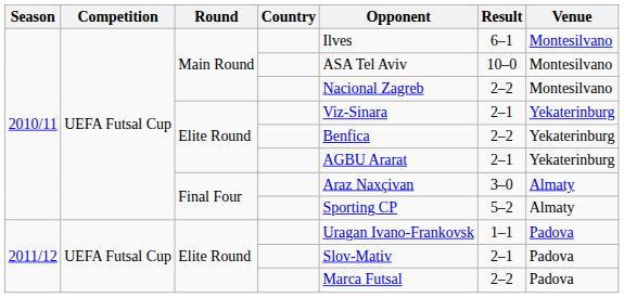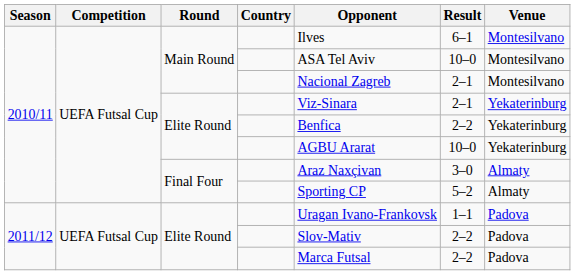 <table class="wikitable">
 <tr>
 <th>Season</th>
 <th>Competition</th>
 <th>Round</th>
 <th>Country</th>
 <th>Opponent</th>
 <th>Result</th>
 <th>Venue</th>
 </tr>
 <tr>
 <td rowspan=8><a href='#'>2010/11</a></td>
 <td rowspan=8 align=center>UEFA Futsal Cup</td>
 <td rowspan=3>Main Round</td>
 <td align=center></td>
 <td>Ilves</td>
 <td align=center>6–1</td>
 <td><a href='#'>Montesilvano</a></td>
 </tr>
 <tr>
 <td align=center></td>
 <td>ASA Tel Aviv</td>
 <td align=center>10–0</td>
 <td>Montesilvano</td>
 </tr>
 <tr>
 <td align=center></td>
 <td><a href='#'>Nacional Zagreb</a></td>
-<td align=center>2–2</td>
+<td align=center>2–1</td>
 <td>Montesilvano</td>
 </tr>
 <tr>
 <td rowspan=3>Elite Round</td>
 <td align=center></td>
 <td><a href='#'>Viz-Sinara</a></td>
 <td align=center>2–1</td>
 <td><a href='#'>Yekaterinburg</a></td>
 </tr>
 <tr>
 <td align=center></td>
 <td><a href='#'>Benfica</a></td>
 <td align=center>2–2</td>
 <td>Yekaterinburg</td>
 </tr>
 <tr>
 <td align=center></td>
 <td><a href='#'>AGBU Ararat</a></td>
-<td align=center>2–1</td>
+<td align=center>10–0</td>
 <td>Yekaterinburg</td>
 </tr>
 <tr>
 <td rowspan=2>Final Four</td>
 <td align=center></td>
 <td><a href='#'>Araz Naxçivan</a></td>
 <td align=center>3–0</td>
 <td><a href='#'>Almaty</a></td>
 </tr>
 <tr>
 <td align=center></td>
 <td><a href='#'>Sporting CP</a></td>
 <td align=center>5–2</td>
 <td>Almaty</td>
 </tr>
 <tr>
 <td rowspan=3><a href='#'>2011/12</a></td>
 <td rowspan=3 align=center>UEFA Futsal Cup</td>
 <td rowspan=3>Elite Round</td>
 <td align=center></td>
 <td><a href='#'>Uragan Ivano-Frankovsk</a></td>
 <td align=center>1–1</td>
 <td><a href='#'>Padova</a></td>
 </tr>
 <tr>
 <td align=center></td>
 <td><a href='#'>Slov-Mativ</a></td>
-<td align=center>2–1</td>
+<td align=center>2–2</td>
 <td>Padova</td>
 </tr>
 <tr>
 <td align=center></td>
 <td><a href='#'>Marca Futsal</a></td>
 <td align=center>2–2</td>
 <td>Padova</td>
 </tr>
 </table>
